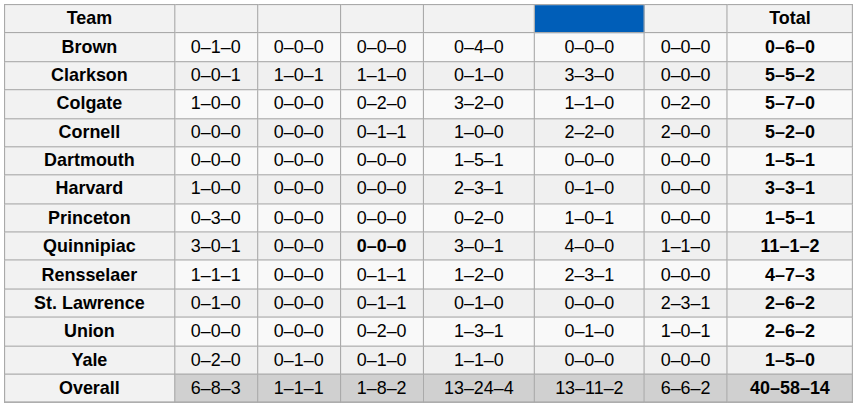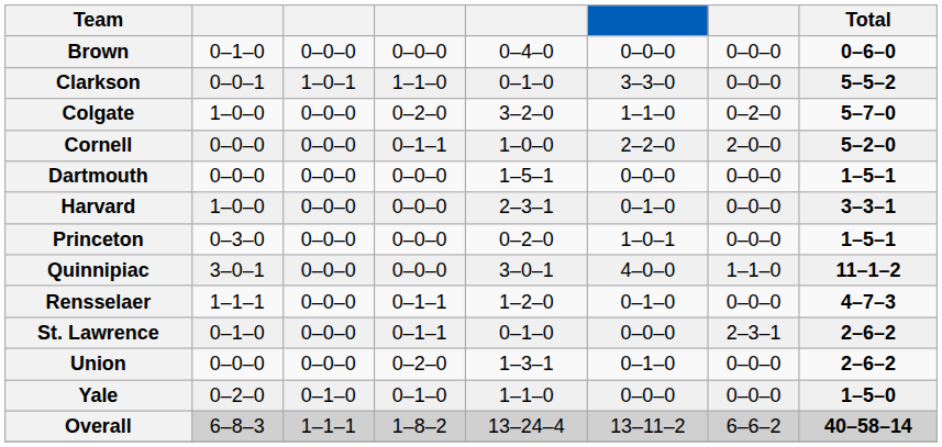 <table class="wikitable" style="text-align: center; "width=60%">
 <tr>
 <th>Team</th>
 <th><a href='#'></a></th>
 <th><a href='#'></a></th>
 <th><a href='#'></a></th>
 <th><a href='#'></a></th>
 <th style="color:white; background:#005EB8"><a href='#'></a></th>
 <th><a href='#'></a></th>
 <th>Total</th>
 </tr>
 <tr>
 <th>Brown</th>
 <td>0–1–0</td>
 <td>0–0–0</td>
 <td>0–0–0</td>
 <td>0–4–0</td>
 <td>0–0–0</td>
 <td>0–0–0</td>
 <td><strong>0–6–0</strong></td>
 </tr>
 <tr bgcolor=f0f0f0>
 <th>Clarkson</th>
 <td>0–0–1</td>
 <td>1–0–1</td>
 <td>1–1–0</td>
 <td>0–1–0</td>
 <td>3–3–0</td>
 <td>0–0–0</td>
 <td><strong>5–5–2</strong></td>
 </tr>
 <tr>
 <th>Colgate</th>
 <td>1–0–0</td>
 <td>0–0–0</td>
 <td>0–2–0</td>
 <td>3–2–0</td>
 <td>1–1–0</td>
 <td>0–2–0</td>
 <td><strong>5–7–0</strong></td>
 </tr>
 <tr bgcolor=f0f0f0>
 <th>Cornell</th>
 <td>0–0–0</td>
 <td>0–0–0</td>
 <td>0–1–1</td>
 <td>1–0–0</td>
 <td>2–2–0</td>
 <td>2–0–0</td>
 <td><strong>5–2–0</strong></td>
 </tr>
 <tr>
 <th>Dartmouth</th>
 <td>0–0–0</td>
 <td>0–0–0</td>
 <td>0–0–0</td>
 <td>1–5–1</td>
 <td>0–0–0</td>
 <td>0–0–0</td>
 <td><strong>1–5–1</strong></td>
 </tr>
 <tr bgcolor=f0f0f0>
 <th>Harvard</th>
 <td>1–0–0</td>
 <td>0–0–0</td>
 <td>0–0–0</td>
 <td>2–3–1</td>
 <td>0–1–0</td>
 <td>0–0–0</td>
 <td><strong>3–3–1</strong></td>
 </tr>
 <tr>
 <th>Princeton</th>
 <td>0–3–0</td>
 <td>0–0–0</td>
 <td>0–0–0</td>
 <td>0–2–0</td>
 <td>1–0–1</td>
 <td>0–0–0</td>
 <td><strong>1–5–1</strong></td>
 </tr>
 <tr bgcolor=f0f0f0>
 <th>Quinnipiac</th>
 <td>3–0–1</td>
 <td>0–0–0</td>
-<td><strong>0–0–0</strong></td>
+<td>0–0–0</td>
 <td>3–0–1</td>
 <td>4–0–0</td>
 <td>1–1–0</td>
 <td><strong>11–1–2</strong></td>
 </tr>
 <tr>
 <th>Rensselaer</th>
 <td>1–1–1</td>
 <td>0–0–0</td>
 <td>0–1–1</td>
 <td>1–2–0</td>
-<td>2–3–1</td>
+<td>0–1–0</td>
 <td>0–0–0</td>
 <td><strong>4–7–3</strong></td>
 </tr>
 <tr bgcolor=f0f0f0>
 <th>St. Lawrence</th>
 <td>0–1–0</td>
 <td>0–0–0</td>
 <td>0–1–1</td>
 <td>0–1–0</td>
 <td>0–0–0</td>
 <td>2–3–1</td>
 <td><strong>2–6–2</strong></td>
 </tr>
 <tr>
 <th>Union</th>
 <td>0–0–0</td>
 <td>0–0–0</td>
 <td>0–2–0</td>
 <td>1–3–1</td>
 <td>0–1–0</td>
-<td>1–0–1</td>
+<td>0–0–0</td>
 <td><strong>2–6–2</strong></td>
 </tr>
 <tr bgcolor=f0f0f0>
 <th>Yale</th>
 <td>0–2–0</td>
 <td>0–1–0</td>
 <td>0–1–0</td>
 <td>1–1–0</td>
 <td>0–0–0</td>
 <td>0–0–0</td>
 <td><strong>1–5–0</strong></td>
 </tr>
 <tr bgcolor=d0d0d0>
 <th>Overall</th>
 <td>6–8–3</td>
 <td>1–1–1</td>
 <td>1–8–2</td>
 <td>13–24–4</td>
 <td>13–11–2</td>
 <td>6–6–2</td>
 <td><strong>40–58–14</strong></td>
 </tr>
 <tr>
 </tr>
 </table>
